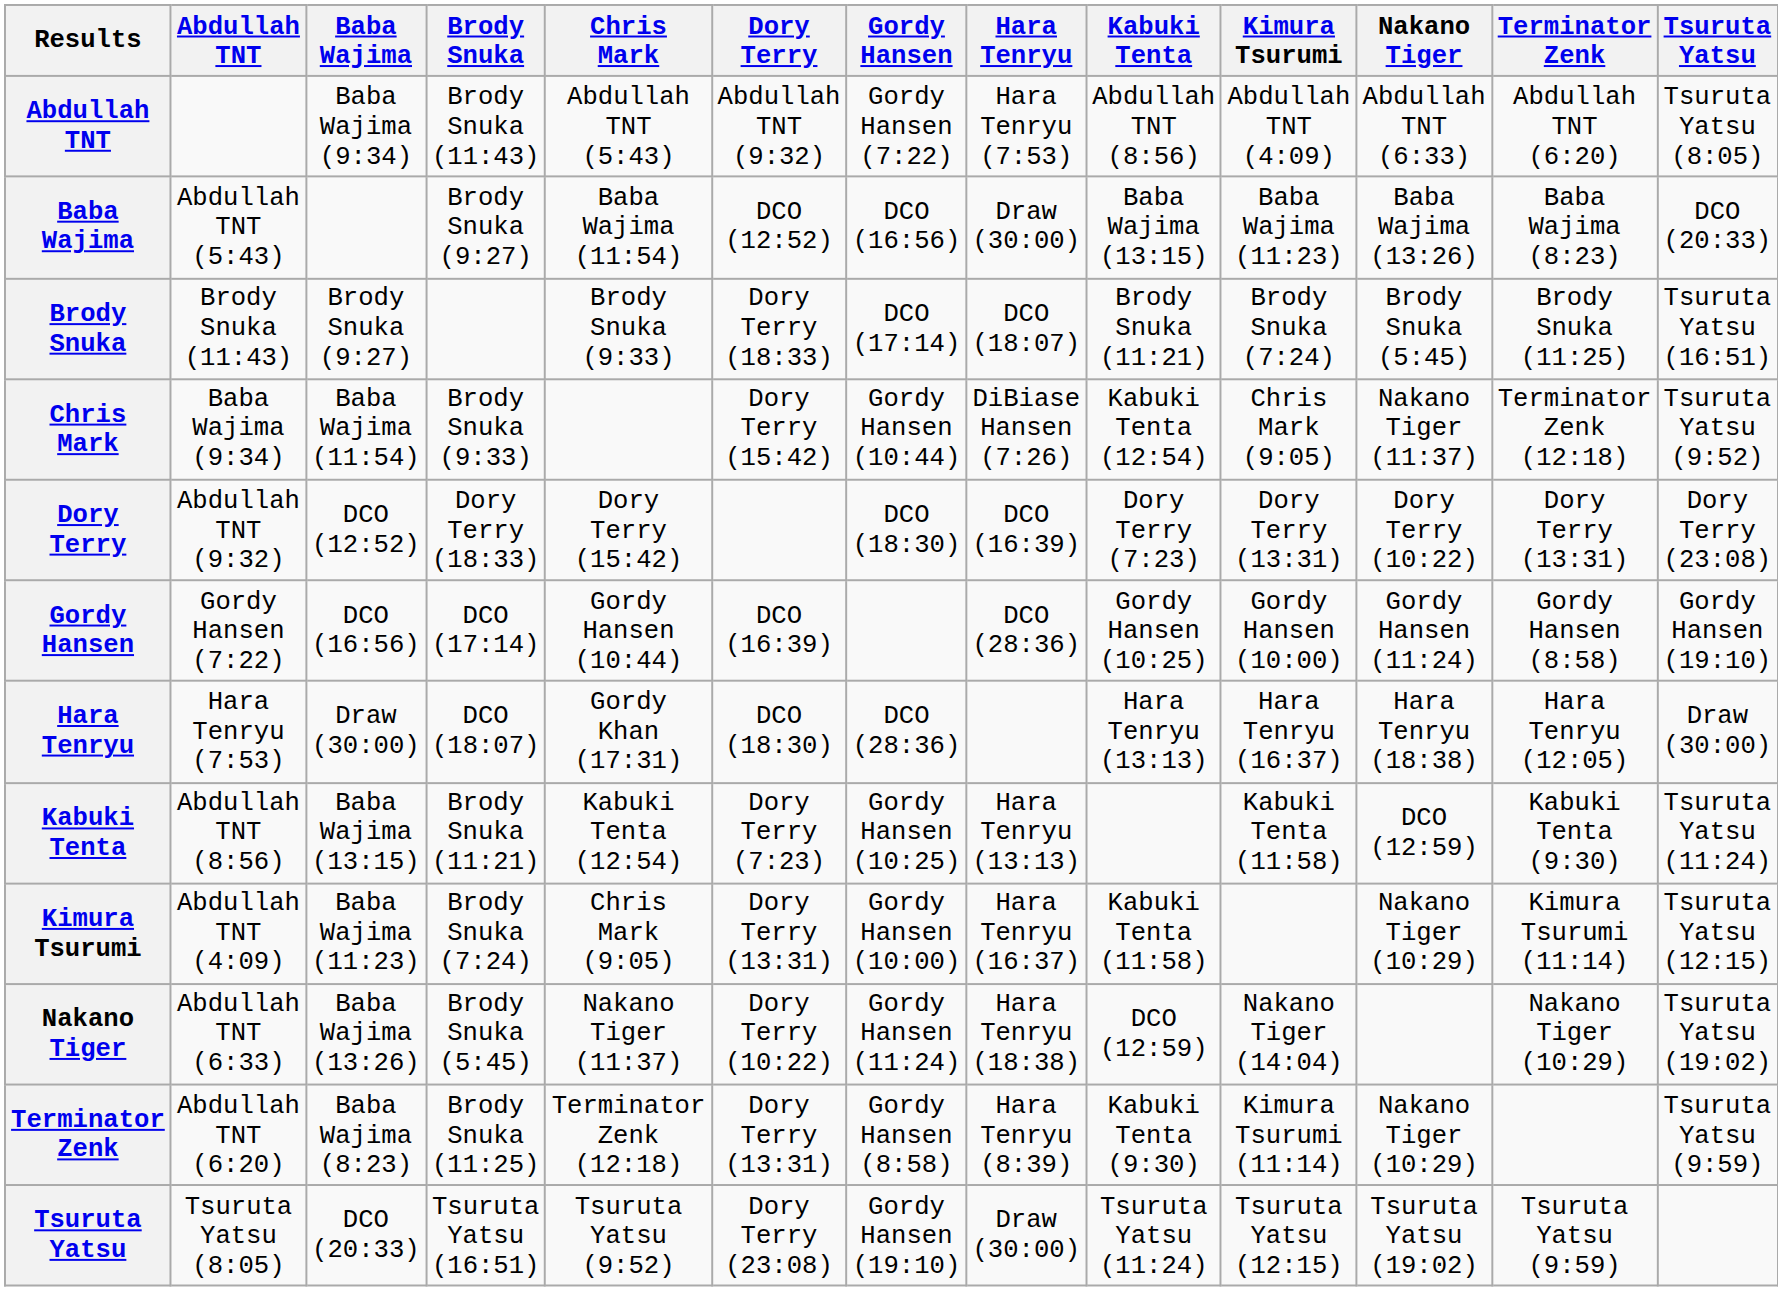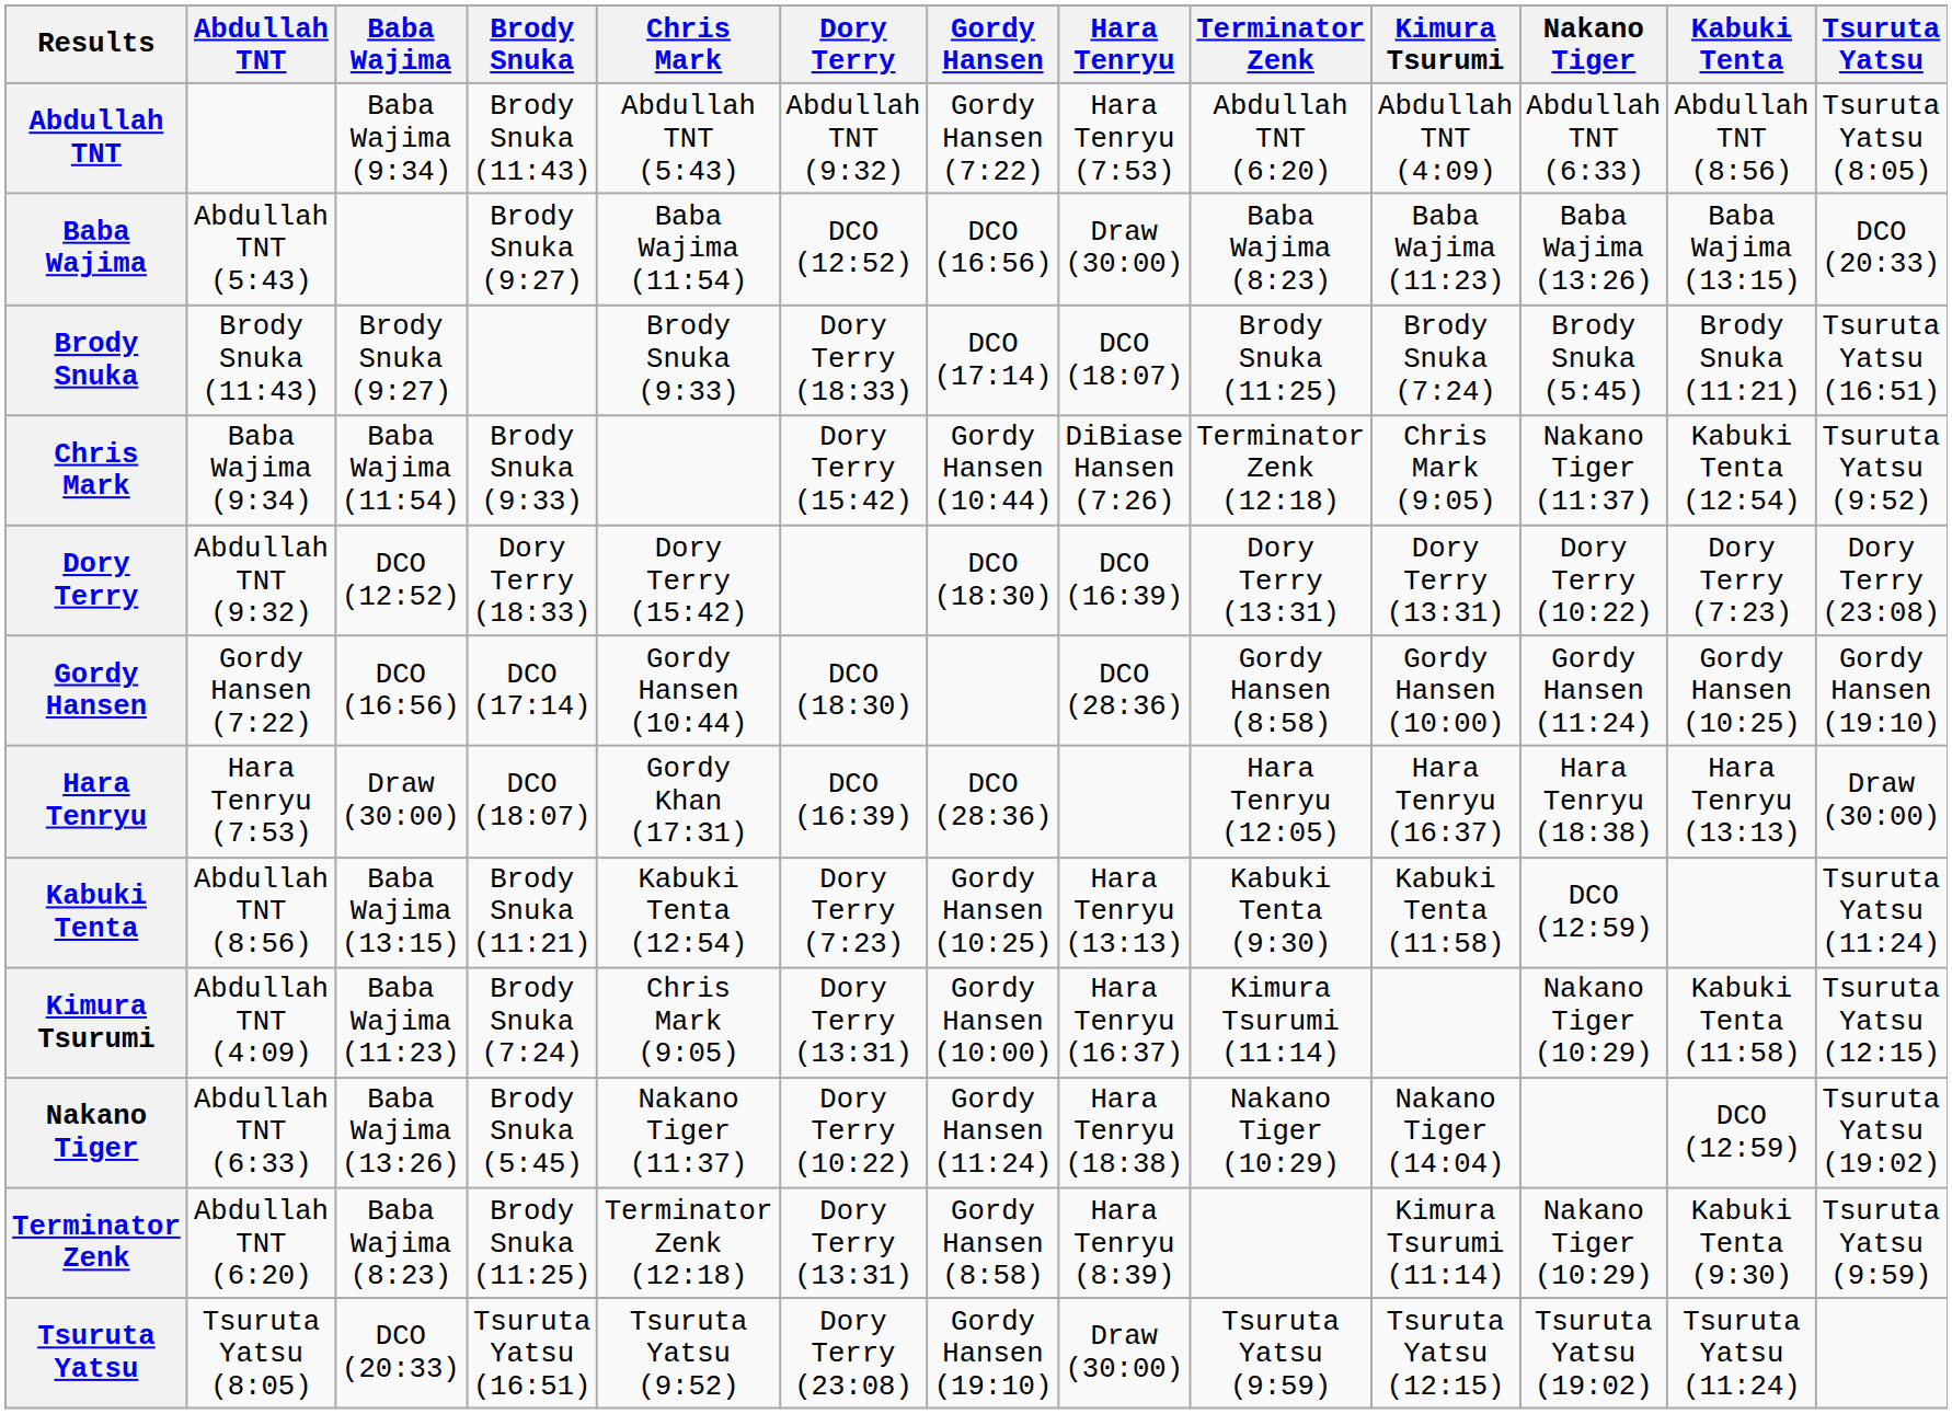 <table class="wikitable" style="text-align:center; margin: 1em auto 1em auto">
 <tr>
 <th>Results</th>
 <th><a href='#'>Abdullah</a><br><a href='#'>TNT</a></th>
 <th><a href='#'>Baba</a><br><a href='#'>Wajima</a></th>
 <th><a href='#'>Brody</a><br><a href='#'>Snuka</a></th>
 <th><a href='#'>Chris</a><br><a href='#'>Mark</a></th>
 <th><a href='#'>Dory</a><br><a href='#'>Terry</a></th>
 <th><a href='#'>Gordy</a><br><a href='#'>Hansen</a></th>
 <th><a href='#'>Hara</a><br><a href='#'>Tenryu</a></th>
-<th><a href='#'>Kabuki</a><br><a href='#'>Tenta</a></th>
+<th><a href='#'>Terminator</a><br><a href='#'>Zenk</a></th>
 <th><a href='#'>Kimura</a><br>Tsurumi</th>
 <th>Nakano<br><a href='#'>Tiger</a></th>
-<th><a href='#'>Terminator</a><br><a href='#'>Zenk</a></th>
+<th><a href='#'>Kabuki</a><br><a href='#'>Tenta</a></th>
 <th><a href='#'>Tsuruta</a><br><a href='#'>Yatsu</a></th>
 </tr>
 <tr>
 <th><a href='#'>Abdullah</a><br><a href='#'>TNT</a></th>
 <td></td>
 <td>Baba<br>Wajima<br>(9:34)</td>
 <td>Brody<br>Snuka<br>(11:43)</td>
 <td>Abdullah<br>TNT<br>(5:43)</td>
 <td>Abdullah<br>TNT<br>(9:32)</td>
 <td>Gordy<br>Hansen<br>(7:22)</td>
 <td>Hara<br>Tenryu<br>(7:53)</td>
-<td>Abdullah<br>TNT<br>(8:56)</td>
+<td>Abdullah<br>TNT<br>(6:20)</td>
 <td>Abdullah<br>TNT<br>(4:09)</td>
 <td>Abdullah<br>TNT<br>(6:33)</td>
-<td>Abdullah<br>TNT<br>(6:20)</td>
+<td>Abdullah<br>TNT<br>(8:56)</td>
 <td>Tsuruta<br>Yatsu<br>(8:05)</td>
 </tr>
 <tr>
 <th><a href='#'>Baba</a><br><a href='#'>Wajima</a></th>
 <td>Abdullah<br>TNT<br>(5:43)</td>
 <td></td>
 <td>Brody<br>Snuka<br>(9:27)</td>
 <td>Baba<br>Wajima<br>(11:54)</td>
 <td>DCO<br>(12:52)</td>
 <td>DCO<br>(16:56)</td>
 <td>Draw<br>(30:00)</td>
-<td>Baba<br>Wajima<br>(13:15)</td>
+<td>Baba<br>Wajima<br>(8:23)</td>
 <td>Baba<br>Wajima<br>(11:23)</td>
 <td>Baba<br>Wajima<br>(13:26)</td>
-<td>Baba<br>Wajima<br>(8:23)</td>
+<td>Baba<br>Wajima<br>(13:15)</td>
 <td>DCO<br>(20:33)</td>
 </tr>
 <tr>
 <th><a href='#'>Brody</a><br><a href='#'>Snuka</a></th>
 <td>Brody<br>Snuka<br>(11:43)</td>
 <td>Brody<br>Snuka<br>(9:27)</td>
 <td></td>
 <td>Brody<br>Snuka<br>(9:33)</td>
 <td>Dory<br>Terry<br>(18:33)</td>
 <td>DCO<br>(17:14)</td>
 <td>DCO<br>(18:07)</td>
-<td>Brody<br>Snuka<br>(11:21)</td>
+<td>Brody<br>Snuka<br>(11:25)</td>
 <td>Brody<br>Snuka<br>(7:24)</td>
 <td>Brody<br>Snuka<br>(5:45)</td>
-<td>Brody<br>Snuka<br>(11:25)</td>
+<td>Brody<br>Snuka<br>(11:21)</td>
 <td>Tsuruta<br>Yatsu<br>(16:51)</td>
 </tr>
 <tr>
 <th><a href='#'>Chris</a><br><a href='#'>Mark</a></th>
 <td>Baba<br>Wajima<br>(9:34)</td>
 <td>Baba<br>Wajima<br>(11:54)</td>
 <td>Brody<br>Snuka<br>(9:33)</td>
 <td></td>
 <td>Dory<br>Terry<br>(15:42)</td>
 <td>Gordy<br>Hansen<br>(10:44)</td>
 <td>DiBiase<br>Hansen<br>(7:26)</td>
-<td>Kabuki<br>Tenta<br>(12:54)</td>
+<td>Terminator<br>Zenk<br>(12:18)</td>
 <td>Chris<br>Mark<br>(9:05)</td>
 <td>Nakano<br>Tiger<br>(11:37)</td>
-<td>Terminator<br>Zenk<br>(12:18)</td>
+<td>Kabuki<br>Tenta<br>(12:54)</td>
 <td>Tsuruta<br>Yatsu<br>(9:52)</td>
 </tr>
 <tr>
 <th><a href='#'>Dory</a><br><a href='#'>Terry</a></th>
 <td>Abdullah<br>TNT<br>(9:32)</td>
 <td>DCO<br>(12:52)</td>
 <td>Dory<br>Terry<br>(18:33)</td>
 <td>Dory<br>Terry<br>(15:42)</td>
 <td></td>
 <td>DCO<br>(18:30)</td>
 <td>DCO<br>(16:39)</td>
-<td>Dory<br>Terry<br>(7:23)</td>
+<td>Dory<br>Terry<br>(13:31)</td>
 <td>Dory<br>Terry<br>(13:31)</td>
 <td>Dory<br>Terry<br>(10:22)</td>
-<td>Dory<br>Terry<br>(13:31)</td>
+<td>Dory<br>Terry<br>(7:23)</td>
 <td>Dory<br>Terry<br>(23:08)</td>
 </tr>
 <tr>
 <th><a href='#'>Gordy</a><br><a href='#'>Hansen</a></th>
 <td>Gordy<br>Hansen<br>(7:22)</td>
 <td>DCO<br>(16:56)</td>
 <td>DCO<br>(17:14)</td>
 <td>Gordy<br>Hansen<br>(10:44)</td>
-<td>DCO<br>(16:39)</td>
+<td>DCO<br>(18:30)</td>
 <td></td>
 <td>DCO<br>(28:36)</td>
-<td>Gordy<br>Hansen<br>(10:25)</td>
+<td>Gordy<br>Hansen<br>(8:58)</td>
 <td>Gordy<br>Hansen<br>(10:00)</td>
 <td>Gordy<br>Hansen<br>(11:24)</td>
-<td>Gordy<br>Hansen<br>(8:58)</td>
+<td>Gordy<br>Hansen<br>(10:25)</td>
 <td>Gordy<br>Hansen<br>(19:10)</td>
 </tr>
 <tr>
 <th><a href='#'>Hara</a><br><a href='#'>Tenryu</a></th>
 <td>Hara<br>Tenryu<br>(7:53)</td>
 <td>Draw<br>(30:00)</td>
 <td>DCO<br>(18:07)</td>
 <td>Gordy<br>Khan<br>(17:31)</td>
-<td>DCO<br>(18:30)</td>
+<td>DCO<br>(16:39)</td>
 <td>DCO<br>(28:36)</td>
 <td></td>
-<td>Hara<br>Tenryu<br>(13:13)</td>
+<td>Hara<br>Tenryu<br>(12:05)</td>
 <td>Hara<br>Tenryu<br>(16:37)</td>
 <td>Hara<br>Tenryu<br>(18:38)</td>
-<td>Hara<br>Tenryu<br>(12:05)</td>
+<td>Hara<br>Tenryu<br>(13:13)</td>
 <td>Draw<br>(30:00)</td>
 </tr>
 <tr>
 <th><a href='#'>Kabuki</a><br><a href='#'>Tenta</a></th>
 <td>Abdullah<br>TNT<br>(8:56)</td>
 <td>Baba<br>Wajima<br>(13:15)</td>
 <td>Brody<br>Snuka<br>(11:21)</td>
 <td>Kabuki<br>Tenta<br>(12:54)</td>
 <td>Dory<br>Terry<br>(7:23)</td>
 <td>Gordy<br>Hansen<br>(10:25)</td>
 <td>Hara<br>Tenryu<br>(13:13)</td>
-<td></td>
+<td>Kabuki<br>Tenta<br>(9:30)</td>
 <td>Kabuki<br>Tenta<br>(11:58)</td>
 <td>DCO<br>(12:59)</td>
-<td>Kabuki<br>Tenta<br>(9:30)</td>
+<td></td>
 <td>Tsuruta<br>Yatsu<br>(11:24)</td>
 </tr>
 <tr>
 <th><a href='#'>Kimura</a><br>Tsurumi</th>
 <td>Abdullah<br>TNT<br>(4:09)</td>
 <td>Baba<br>Wajima<br>(11:23)</td>
 <td>Brody<br>Snuka<br>(7:24)</td>
 <td>Chris<br>Mark<br>(9:05)</td>
 <td>Dory<br>Terry<br>(13:31)</td>
 <td>Gordy<br>Hansen<br>(10:00)</td>
 <td>Hara<br>Tenryu<br>(16:37)</td>
-<td>Kabuki<br>Tenta<br>(11:58)</td>
+<td>Kimura<br>Tsurumi<br>(11:14)</td>
 <td></td>
 <td>Nakano<br>Tiger<br>(10:29)</td>
-<td>Kimura<br>Tsurumi<br>(11:14)</td>
+<td>Kabuki<br>Tenta<br>(11:58)</td>
 <td>Tsuruta<br>Yatsu<br>(12:15)</td>
 </tr>
 <tr>
 <th>Nakano<br><a href='#'>Tiger</a></th>
 <td>Abdullah<br>TNT<br>(6:33)</td>
 <td>Baba<br>Wajima<br>(13:26)</td>
 <td>Brody<br>Snuka<br>(5:45)</td>
 <td>Nakano<br>Tiger<br>(11:37)</td>
 <td>Dory<br>Terry<br>(10:22)</td>
 <td>Gordy<br>Hansen<br>(11:24)</td>
 <td>Hara<br>Tenryu<br>(18:38)</td>
-<td>DCO<br>(12:59)</td>
+<td>Nakano<br>Tiger<br>(10:29)</td>
 <td>Nakano<br>Tiger<br>(14:04)</td>
 <td></td>
-<td>Nakano<br>Tiger<br>(10:29)</td>
+<td>DCO<br>(12:59)</td>
 <td>Tsuruta<br>Yatsu<br>(19:02)</td>
 </tr>
 <tr>
 <th><a href='#'>Terminator</a><br><a href='#'>Zenk</a></th>
 <td>Abdullah<br>TNT<br>(6:20)</td>
 <td>Baba<br>Wajima<br>(8:23)</td>
 <td>Brody<br>Snuka<br>(11:25)</td>
 <td>Terminator<br>Zenk<br>(12:18)</td>
 <td>Dory<br>Terry<br>(13:31)</td>
 <td>Gordy<br>Hansen<br>(8:58)</td>
 <td>Hara<br>Tenryu<br>(8:39)</td>
-<td>Kabuki<br>Tenta<br>(9:30)</td>
+<td></td>
 <td>Kimura<br>Tsurumi<br>(11:14)</td>
 <td>Nakano<br>Tiger<br>(10:29)</td>
-<td></td>
+<td>Kabuki<br>Tenta<br>(9:30)</td>
 <td>Tsuruta<br>Yatsu<br>(9:59)</td>
 </tr>
 <tr>
 <th><a href='#'>Tsuruta</a><br><a href='#'>Yatsu</a></th>
 <td>Tsuruta<br>Yatsu<br>(8:05)</td>
 <td>DCO<br>(20:33)</td>
 <td>Tsuruta<br>Yatsu<br>(16:51)</td>
 <td>Tsuruta<br>Yatsu<br>(9:52)</td>
 <td>Dory<br>Terry<br>(23:08)</td>
 <td>Gordy<br>Hansen<br>(19:10)</td>
 <td>Draw<br>(30:00)</td>
-<td>Tsuruta<br>Yatsu<br>(11:24)</td>
+<td>Tsuruta<br>Yatsu<br>(9:59)</td>
 <td>Tsuruta<br>Yatsu<br>(12:15)</td>
 <td>Tsuruta<br>Yatsu<br>(19:02)</td>
-<td>Tsuruta<br>Yatsu<br>(9:59)</td>
+<td>Tsuruta<br>Yatsu<br>(11:24)</td>
 <td></td>
 </tr>
 </table>
